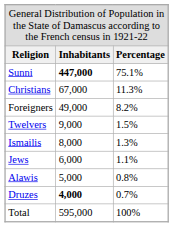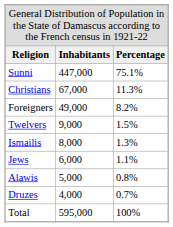 <table cellpadding="4" cellspacing="0" width=250 align="center" rules="all" style="margin: 1em; background: #ffffff; border: 2px solid #aaa; font-size: 100%;">
 <tr bgcolor=#DDDDDD>
 <td colspan=8 align="center">General Distribution of Population in the State of Damascus according to the French census in 1921-22</td>
 </tr>
 <tr bgcolor=#f0f0f0 align="center">
 <th>Religion</th>
 <th>Inhabitants</th>
 <th>Percentage</th>
 </tr>
 <tr>
 <td><a href='#'>Sunni</a></td>
-<td><strong>447,000</strong></td>
+<td>447,000</td>
 <td>75.1%</td>
 </tr>
 <tr>
 <td><a href='#'>Christians</a></td>
 <td>67,000</td>
 <td>11.3%</td>
 </tr>
 <tr>
 <td>Foreigners</td>
 <td>49,000</td>
 <td>8.2%</td>
 </tr>
 <tr>
 <td><a href='#'>Twelvers</a></td>
 <td>9,000</td>
 <td>1.5%</td>
 </tr>
 <tr>
 <td><a href='#'>Ismailis</a></td>
 <td>8,000</td>
 <td>1.3%</td>
 </tr>
 <tr>
 <td><a href='#'>Jews</a></td>
 <td>6,000</td>
 <td>1.1%</td>
 </tr>
 <tr>
 <td><a href='#'>Alawis</a></td>
 <td>5,000</td>
 <td>0.8%</td>
 </tr>
 <tr>
 <td><a href='#'>Druzes</a></td>
-<td><strong>4,000</strong></td>
+<td>4,000</td>
 <td>0.7%</td>
 </tr>
 <tr>
 <td>Total</td>
 <td>595,000</td>
 <td>100%</td>
 </tr>
 </table>
